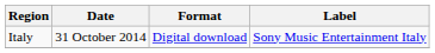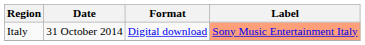 <table class=wikitable>
 <tr>
 <th>Region</th>
 <th>Date</th>
 <th>Format</th>
 <th>Label</th>
 </tr>
 <tr>
 <td>Italy</td>
 <td>31 October 2014</td>
 <td><a href='#'>Digital download</a></td>
-<td><a href='#'>Sony Music Entertainment Italy</a></td>
+<td style="background: lightsalmon;"><a href='#'>Sony Music Entertainment Italy</a></td>
 </tr>
 <tr>
 </tr>
 </table>
